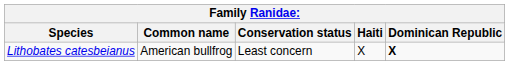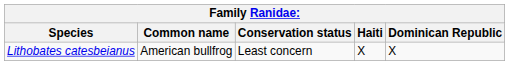 <table class="wikitable sortable mw-collapsible">
 <tr>
 <th colspan="5">Family <a href='#'>Ranidae:</a></th>
 </tr>
 <tr>
 <th>Species</th>
 <th>Common name</th>
 <th>Conservation status</th>
 <th>Haiti</th>
 <th>Dominican Republic</th>
 </tr>
 <tr>
 <td><em><a href='#'>Lithobates catesbeianus</a></em></td>
 <td>American bullfrog</td>
 <td>Least concern</td>
 <td>X</td>
-<td><strong>X</strong></td>
+<td>X</td>
 </tr>
 </table>
